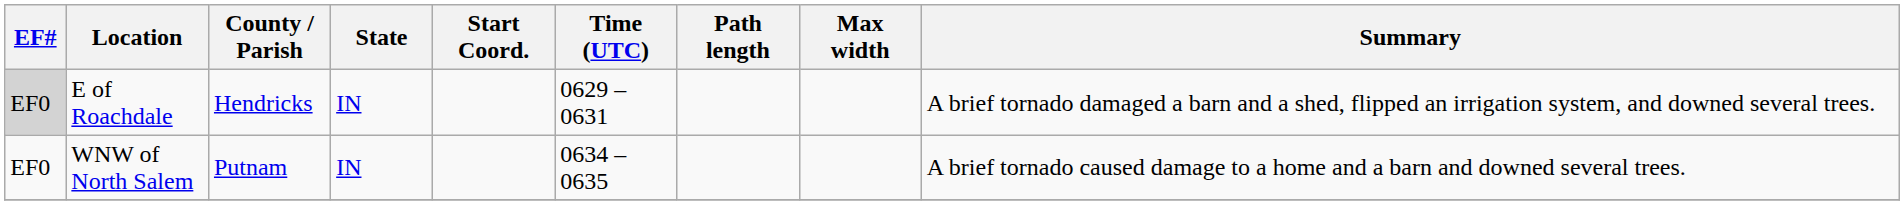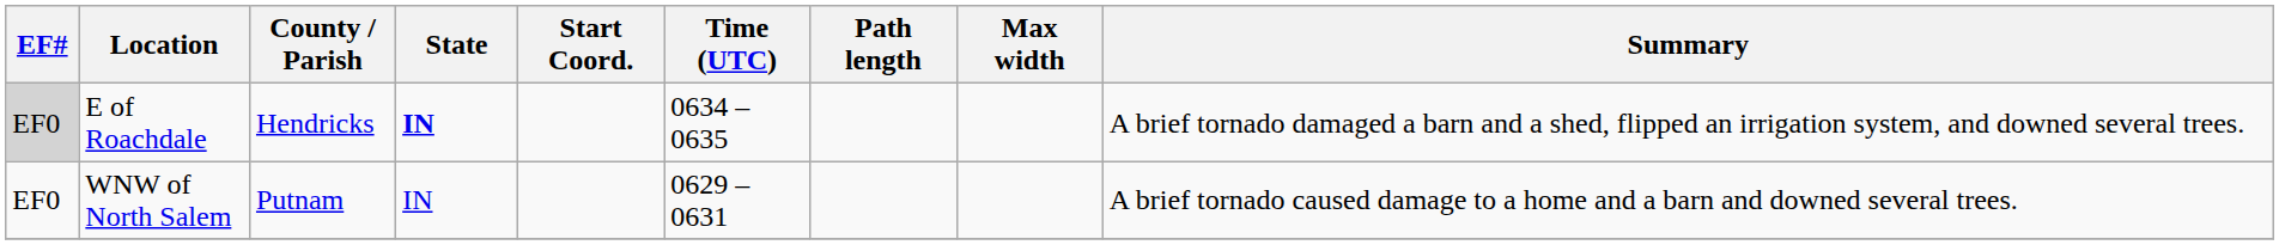 <table class="wikitable sortable" style="width:100%;">
 <tr>
 <th scope="col" width="3%" align="center"><a href='#'>EF#</a></th>
 <th scope="col" width="7%" align="center" class="unsortable">Location</th>
 <th scope="col" width="6%" align="center" class="unsortable">County / Parish</th>
 <th scope="col" width="5%" align="center">State</th>
 <th scope="col" width="6%" align="center">Start Coord.</th>
 <th scope="col" width="6%" align="center">Time (<a href='#'>UTC</a>)</th>
 <th scope="col" width="6%" align="center">Path length</th>
 <th scope="col" width="6%" align="center">Max width</th>
 <th scope="col" width="48%" class="unsortable" align="center">Summary</th>
 </tr>
 <tr>
 <td style="background: lightgrey;">EF0</td>
 <td>E of <a href='#'>Roachdale</a></td>
 <td><a href='#'>Hendricks</a></td>
-<td><a href='#'>IN</a></td>
+<td><strong><a href='#'>IN</a></strong></td>
 <td></td>
-<td>0629 – 0631</td>
+<td>0634 – 0635</td>
 <td></td>
 <td></td>
 <td>A brief tornado damaged a barn and a shed, flipped an irrigation system, and downed several trees.</td>
 </tr>
 <tr>
 <td>EF0</td>
 <td>WNW of <a href='#'>North Salem</a></td>
 <td><a href='#'>Putnam</a></td>
 <td><a href='#'>IN</a></td>
 <td></td>
-<td>0634 – 0635</td>
+<td>0629 – 0631</td>
 <td></td>
 <td></td>
 <td>A brief tornado caused damage to a home and a barn and downed several trees.</td>
 </tr>
 <tr>
 </tr>
 </table>
